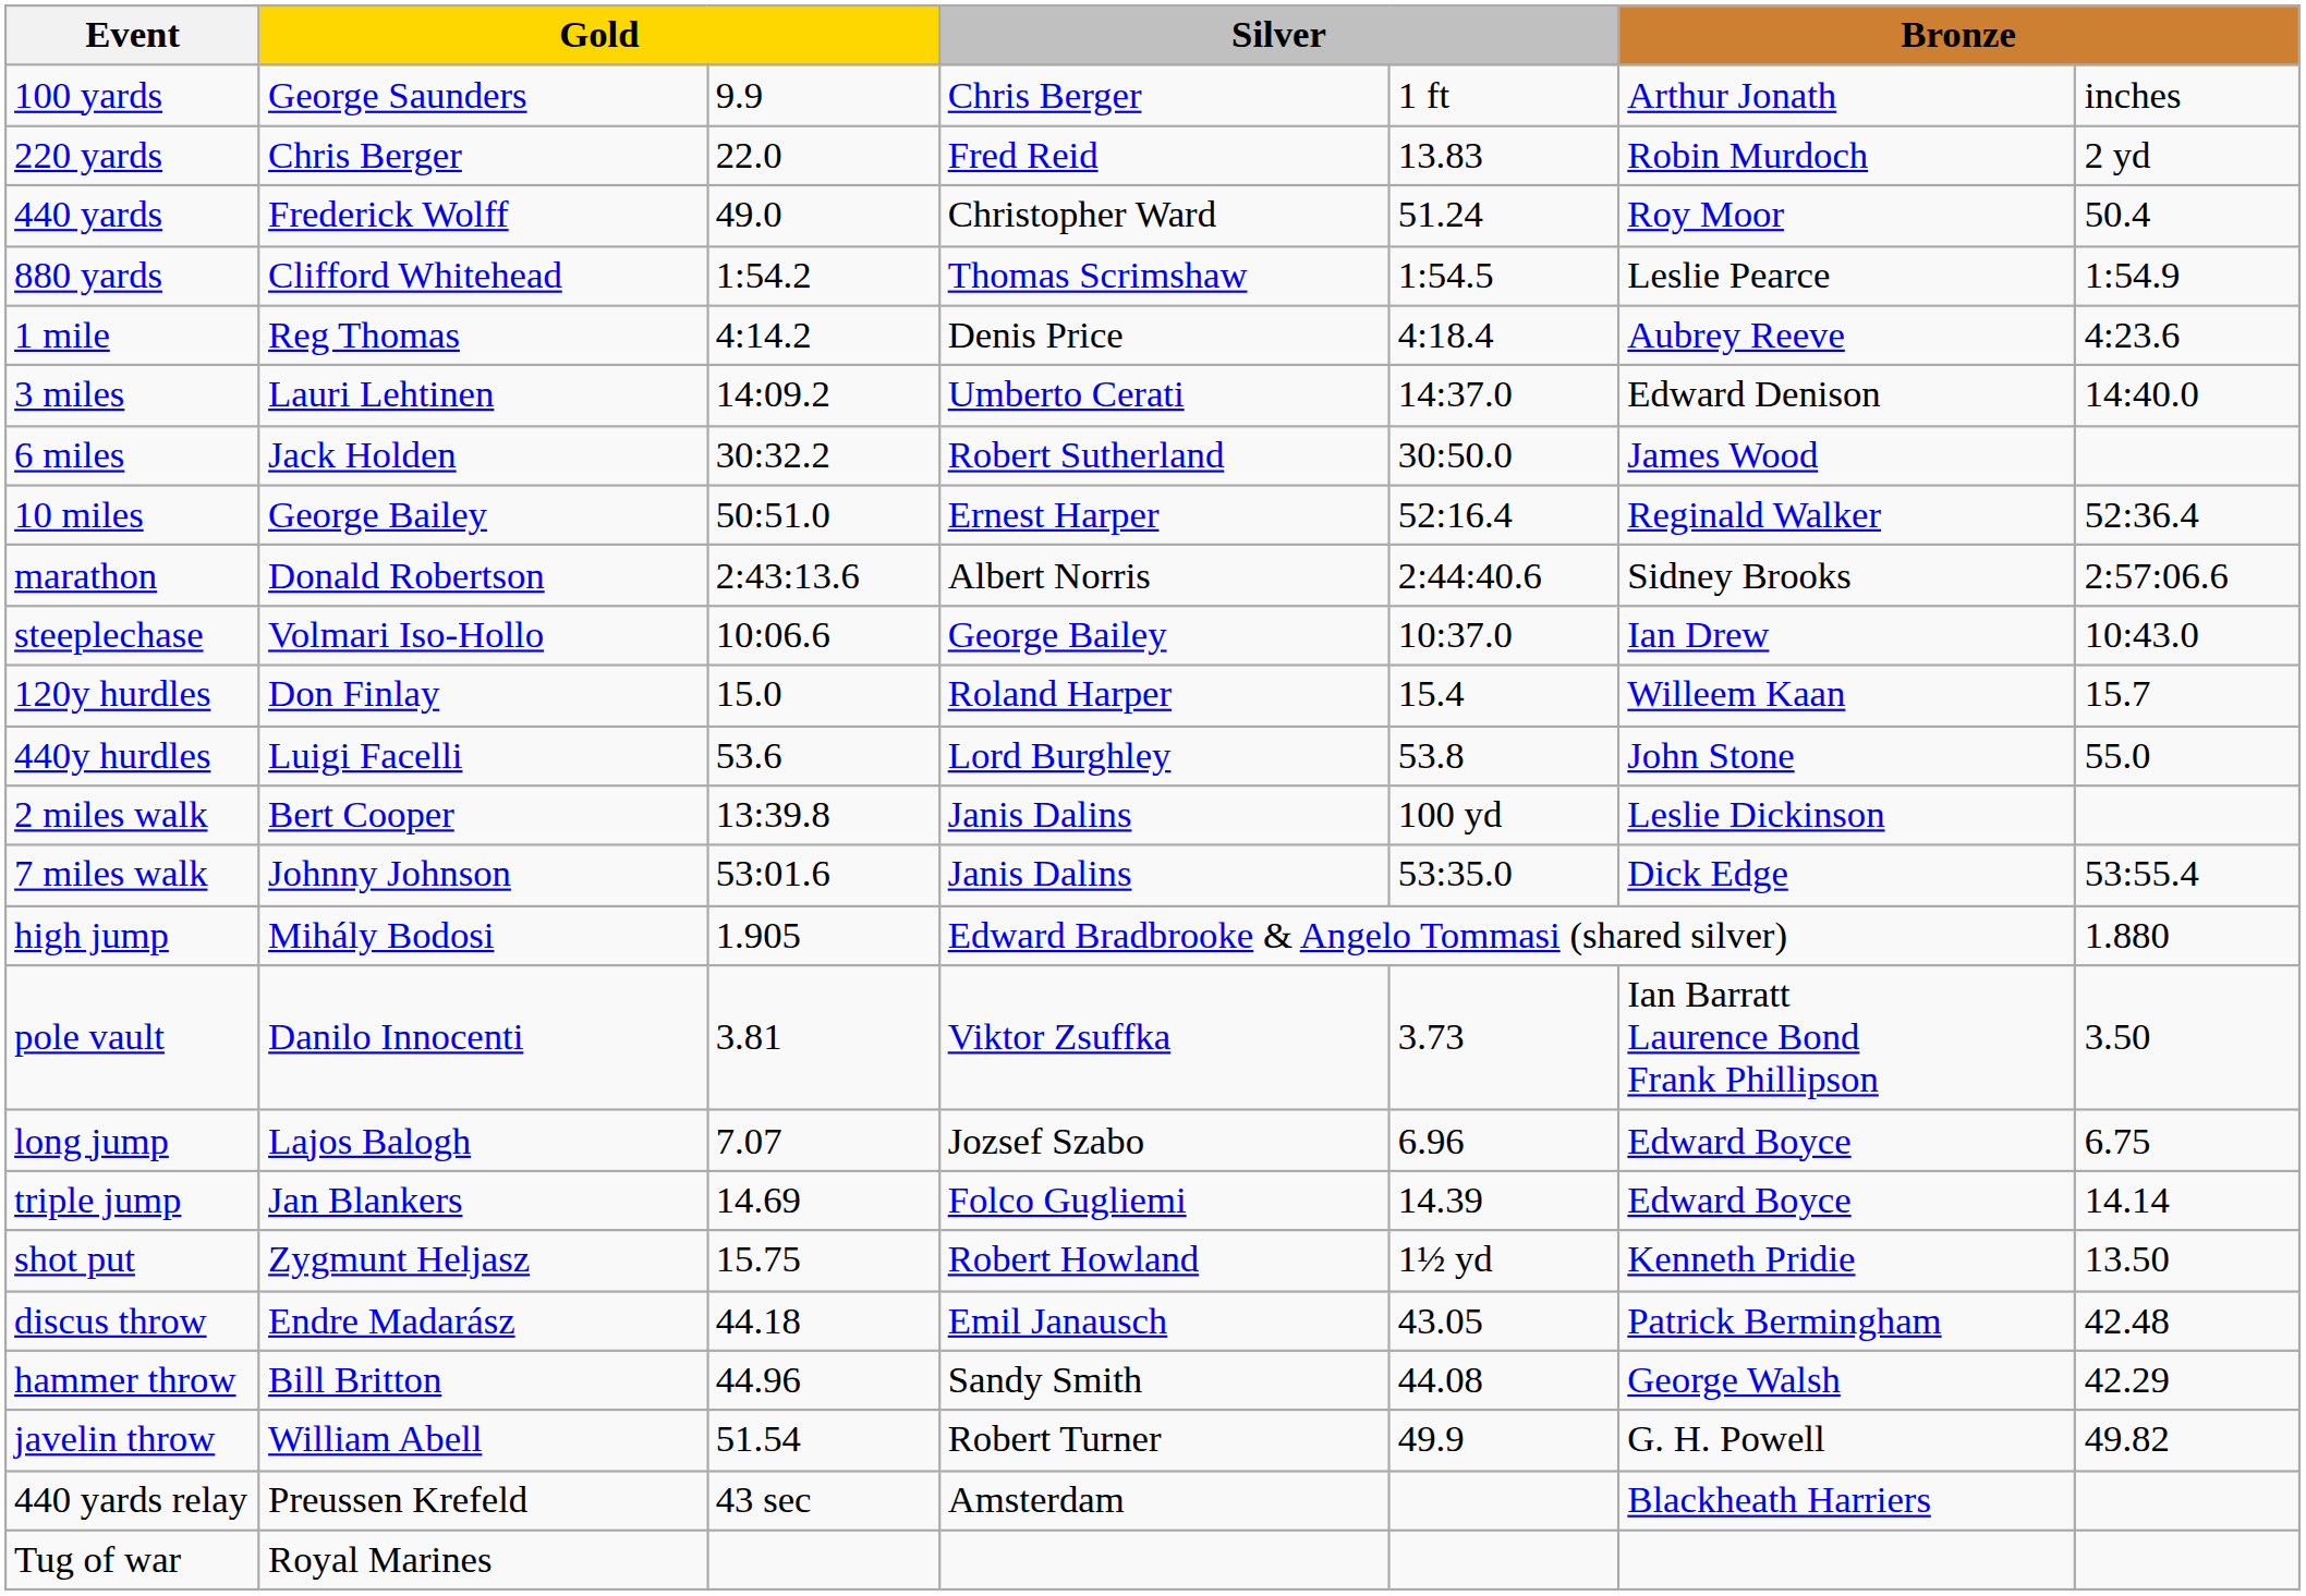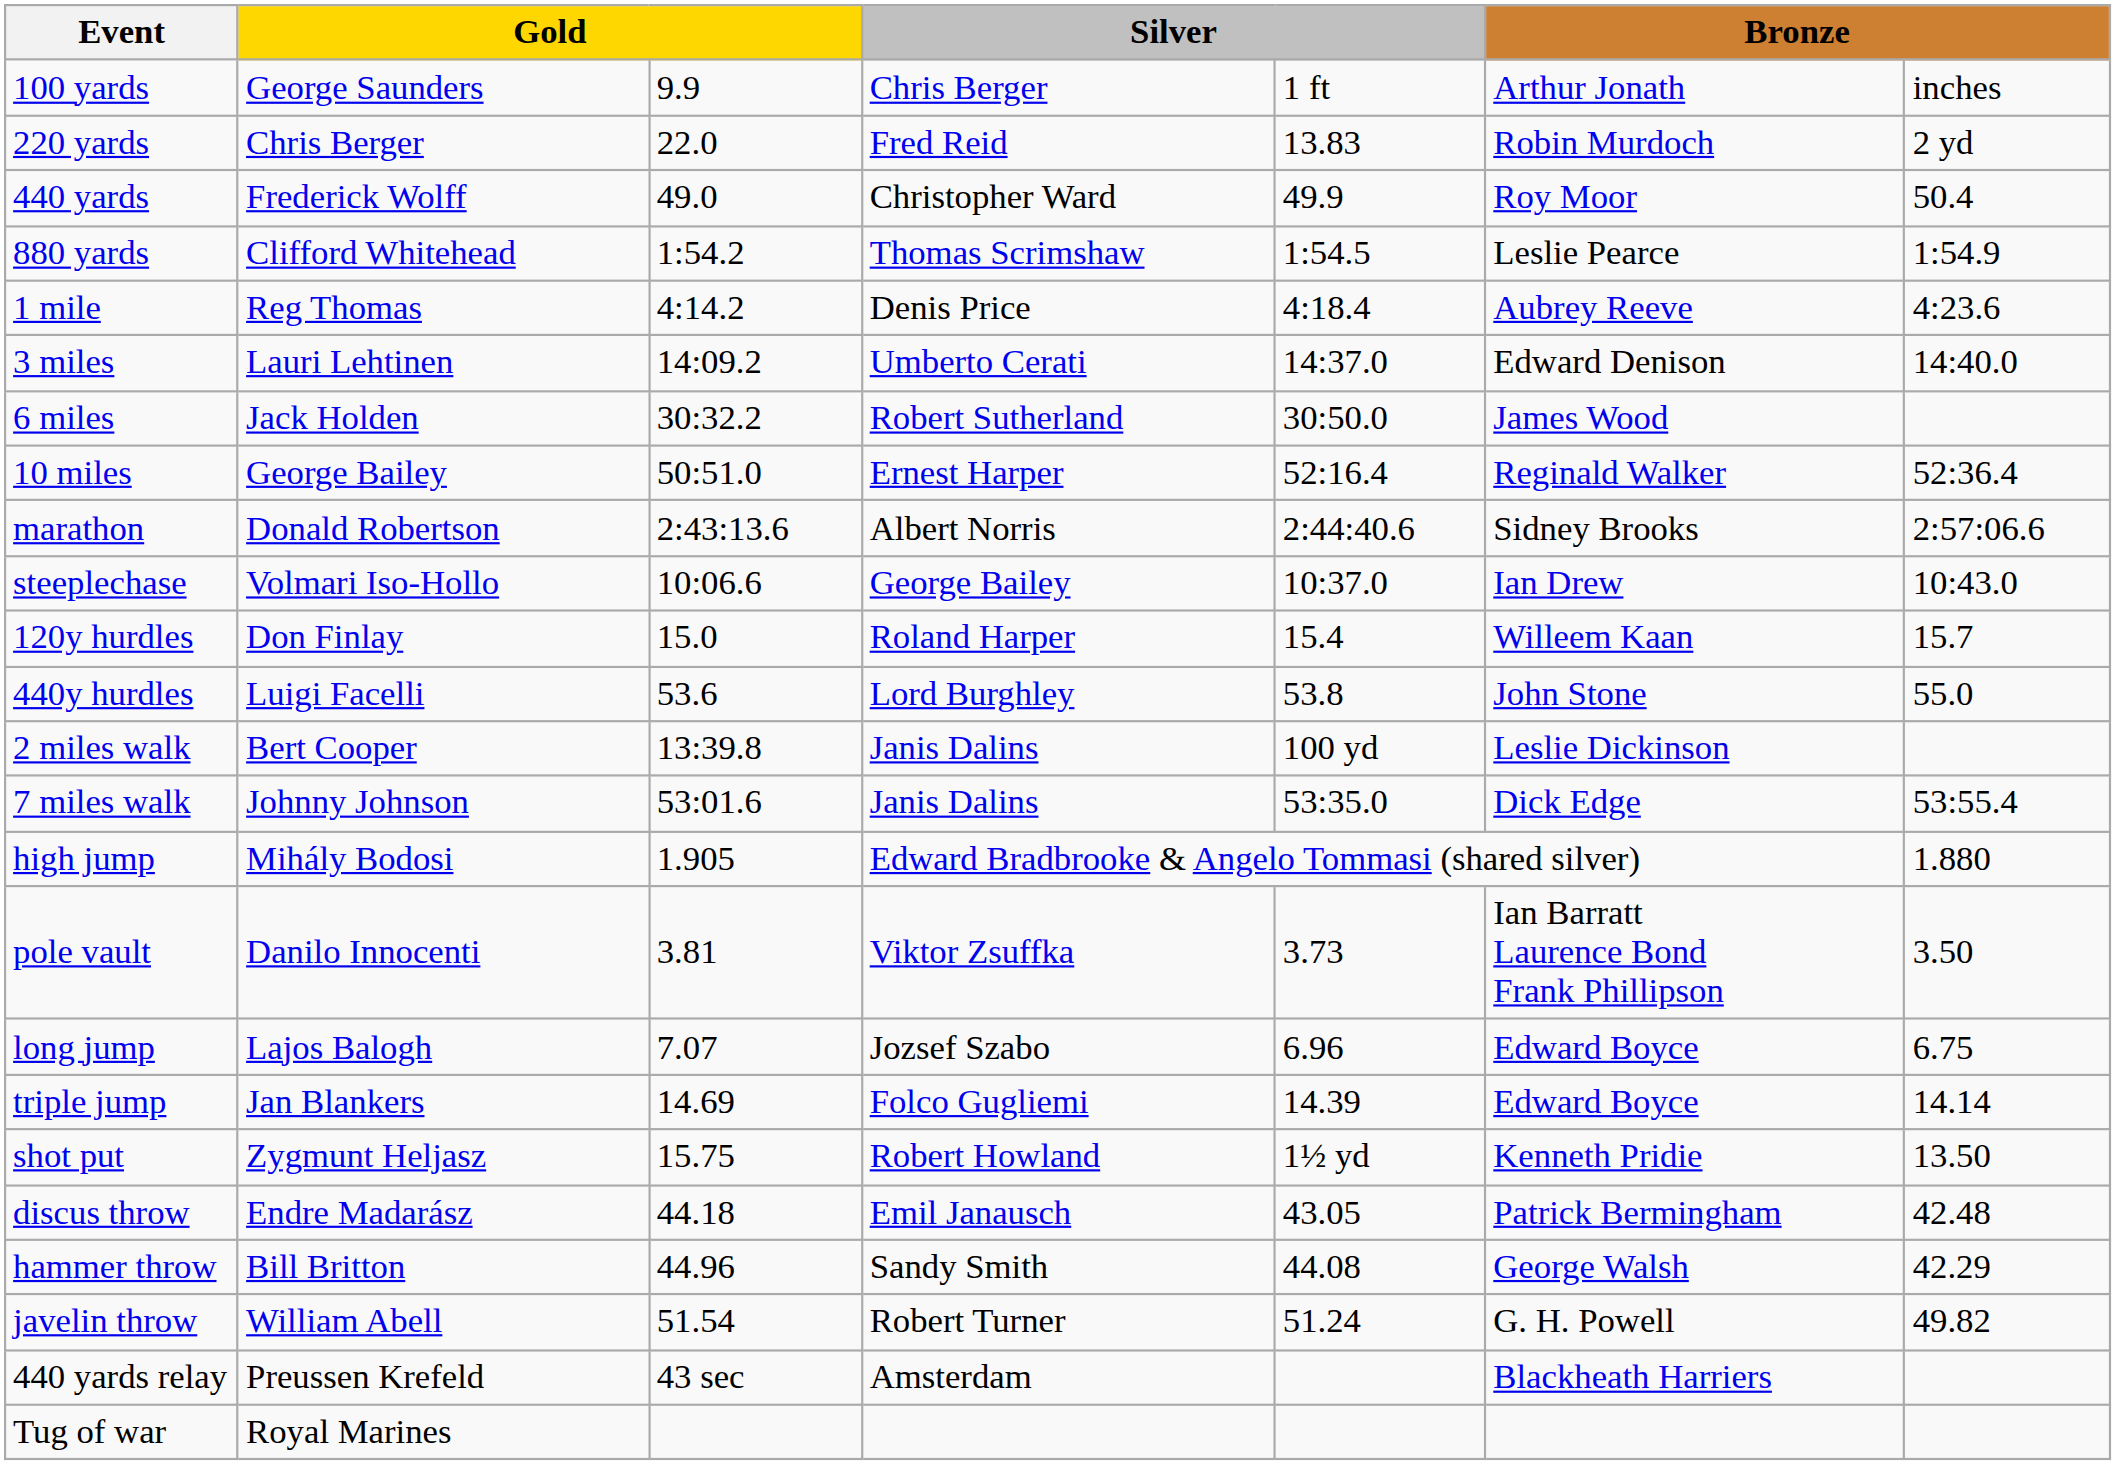 <table class="wikitable" style="text-align:left">
 <tr>
 <th width=100>Event</th>
 <th colspan="2" width="280" style="background:gold;">Gold</th>
 <th colspan="2" width="280" style="background:silver;">Silver</th>
 <th colspan="2" width="280" style="background:#CD7F32;">Bronze</th>
 </tr>
 <tr>
 <td><a href='#'>100 yards</a></td>
 <td><a href='#'>George Saunders</a></td>
 <td>9.9</td>
 <td> <a href='#'>Chris Berger</a></td>
 <td>1 ft</td>
 <td> <a href='#'>Arthur Jonath</a></td>
 <td>inches</td>
 </tr>
 <tr>
 <td><a href='#'>220 yards</a></td>
 <td> <a href='#'>Chris Berger</a></td>
 <td>22.0</td>
 <td> <a href='#'>Fred Reid</a></td>
 <td>13.83</td>
 <td> <a href='#'>Robin Murdoch</a></td>
 <td>2 yd</td>
 </tr>
 <tr>
 <td><a href='#'>440 yards</a></td>
 <td><a href='#'>Frederick Wolff</a></td>
 <td>49.0</td>
 <td>Christopher Ward</td>
-<td>51.24</td>
+<td>49.9</td>
 <td><a href='#'>Roy Moor</a></td>
 <td>50.4</td>
 </tr>
 <tr>
 <td><a href='#'>880 yards</a></td>
 <td><a href='#'>Clifford Whitehead</a></td>
 <td>1:54.2</td>
 <td><a href='#'>Thomas Scrimshaw</a></td>
 <td>1:54.5</td>
 <td>Leslie Pearce</td>
 <td>1:54.9</td>
 </tr>
 <tr>
 <td><a href='#'>1 mile</a></td>
 <td> <a href='#'>Reg Thomas</a></td>
 <td>4:14.2</td>
 <td>Denis Price</td>
 <td>4:18.4</td>
 <td><a href='#'>Aubrey Reeve</a></td>
 <td>4:23.6</td>
 </tr>
 <tr>
 <td><a href='#'>3 miles</a></td>
 <td> <a href='#'>Lauri Lehtinen</a></td>
 <td>14:09.2</td>
 <td> <a href='#'>Umberto Cerati</a></td>
 <td>14:37.0</td>
 <td>Edward Denison</td>
 <td>14:40.0</td>
 </tr>
 <tr>
 <td><a href='#'>6 miles</a></td>
 <td><a href='#'>Jack Holden</a></td>
 <td>30:32.2</td>
 <td> <a href='#'>Robert Sutherland</a></td>
 <td>30:50.0</td>
 <td> <a href='#'>James Wood</a></td>
 <td></td>
 </tr>
 <tr>
 <td><a href='#'>10 miles</a></td>
 <td><a href='#'>George Bailey</a></td>
 <td>50:51.0</td>
 <td><a href='#'>Ernest Harper</a></td>
 <td>52:16.4</td>
 <td><a href='#'>Reginald Walker</a></td>
 <td>52:36.4</td>
 </tr>
 <tr>
 <td><a href='#'>marathon</a></td>
 <td><a href='#'>Donald Robertson</a></td>
 <td>2:43:13.6</td>
 <td>Albert Norris</td>
 <td>2:44:40.6</td>
 <td>Sidney Brooks</td>
 <td>2:57:06.6</td>
 </tr>
 <tr>
 <td><a href='#'>steeplechase</a></td>
 <td> <a href='#'>Volmari Iso-Hollo</a></td>
 <td>10:06.6</td>
 <td><a href='#'>George Bailey</a></td>
 <td>10:37.0</td>
 <td><a href='#'>Ian Drew</a></td>
 <td>10:43.0</td>
 </tr>
 <tr>
 <td><a href='#'>120y hurdles</a></td>
 <td><a href='#'>Don Finlay</a></td>
 <td>15.0</td>
 <td><a href='#'>Roland Harper</a></td>
 <td>15.4</td>
 <td> <a href='#'>Willeem Kaan</a></td>
 <td>15.7</td>
 </tr>
 <tr>
 <td><a href='#'>440y hurdles</a></td>
 <td> <a href='#'>Luigi Facelli</a></td>
 <td>53.6</td>
 <td><a href='#'>Lord Burghley</a></td>
 <td>53.8</td>
 <td><a href='#'>John Stone</a></td>
 <td>55.0</td>
 </tr>
 <tr>
 <td><a href='#'>2 miles walk</a></td>
 <td><a href='#'>Bert Cooper</a></td>
 <td>13:39.8</td>
 <td> <a href='#'>Janis Dalins</a></td>
 <td>100 yd</td>
 <td><a href='#'>Leslie Dickinson</a></td>
 <td></td>
 </tr>
 <tr>
 <td><a href='#'>7 miles walk</a></td>
 <td><a href='#'>Johnny Johnson</a></td>
 <td>53:01.6</td>
 <td> <a href='#'>Janis Dalins</a></td>
 <td>53:35.0</td>
 <td><a href='#'>Dick Edge</a></td>
 <td>53:55.4</td>
 </tr>
 <tr>
 <td><a href='#'>high jump</a></td>
 <td> <a href='#'>Mihály Bodosi</a></td>
 <td>1.905</td>
 <td colspan=3><a href='#'>Edward Bradbrooke</a> &  <a href='#'>Angelo Tommasi</a>  (shared silver)</td>
 <td>1.880</td>
 </tr>
 <tr>
 <td><a href='#'>pole vault</a></td>
 <td> <a href='#'>Danilo Innocenti</a></td>
 <td>3.81</td>
 <td> <a href='#'>Viktor Zsuffka</a></td>
 <td>3.73</td>
 <td>Ian Barratt<br><a href='#'>Laurence Bond</a><br><a href='#'>Frank Phillipson</a></td>
 <td>3.50</td>
 </tr>
 <tr>
 <td><a href='#'>long jump</a></td>
 <td> <a href='#'>Lajos Balogh</a></td>
 <td>7.07</td>
 <td> Jozsef Szabo</td>
 <td>6.96</td>
 <td> <a href='#'>Edward Boyce</a></td>
 <td>6.75</td>
 </tr>
 <tr>
 <td><a href='#'>triple jump</a></td>
 <td> <a href='#'>Jan Blankers</a></td>
 <td>14.69</td>
 <td> <a href='#'>Folco Gugliemi</a></td>
 <td>14.39</td>
 <td> <a href='#'>Edward Boyce</a></td>
 <td>14.14</td>
 </tr>
 <tr>
 <td><a href='#'>shot put</a></td>
 <td> <a href='#'>Zygmunt Heljasz</a></td>
 <td>15.75</td>
 <td><a href='#'>Robert Howland</a></td>
 <td>1½ yd</td>
 <td><a href='#'>Kenneth Pridie</a></td>
 <td>13.50</td>
 </tr>
 <tr>
 <td><a href='#'>discus throw</a></td>
 <td> <a href='#'>Endre Madarász</a></td>
 <td>44.18</td>
 <td> <a href='#'>Emil Janausch</a></td>
 <td>43.05</td>
 <td> <a href='#'>Patrick Bermingham</a></td>
 <td>42.48</td>
 </tr>
 <tr>
 <td><a href='#'>hammer throw</a></td>
 <td> <a href='#'>Bill Britton</a></td>
 <td>44.96</td>
 <td> Sandy Smith</td>
 <td>44.08</td>
 <td> <a href='#'>George Walsh</a></td>
 <td>42.29</td>
 </tr>
 <tr>
 <td><a href='#'>javelin throw</a></td>
 <td><a href='#'>William Abell</a></td>
 <td>51.54</td>
 <td>Robert Turner</td>
-<td>49.9</td>
+<td>51.24</td>
 <td>G. H. Powell</td>
 <td>49.82</td>
 </tr>
 <tr>
 <td>440 yards relay</td>
 <td>Preussen Krefeld</td>
 <td>43 sec</td>
 <td>Amsterdam</td>
 <td></td>
 <td><a href='#'>Blackheath Harriers</a></td>
 <td></td>
 </tr>
 <tr>
 <td>Tug of war</td>
 <td>Royal Marines</td>
 <td></td>
 <td></td>
 <td></td>
 <td></td>
 <td></td>
 </tr>
 </table>
